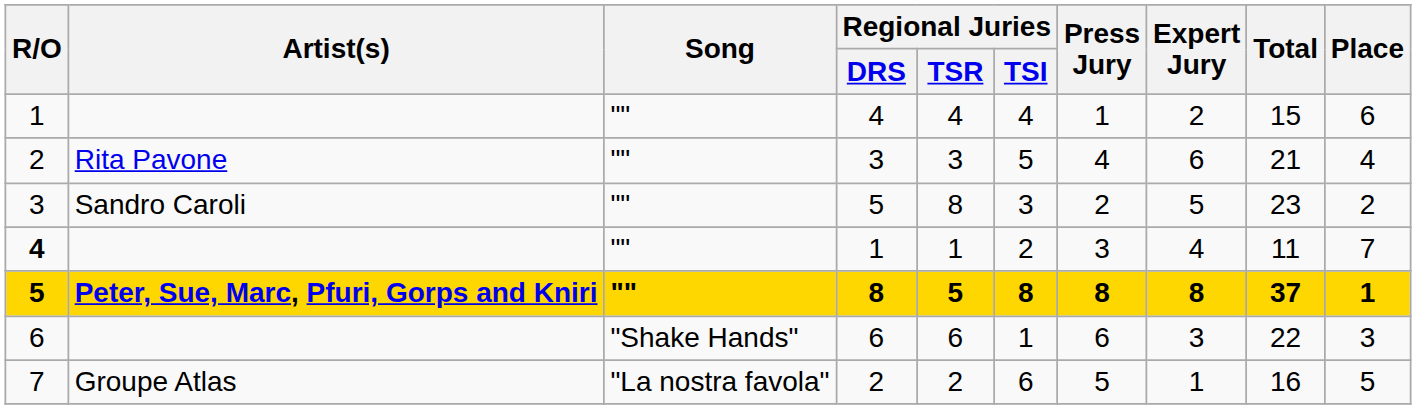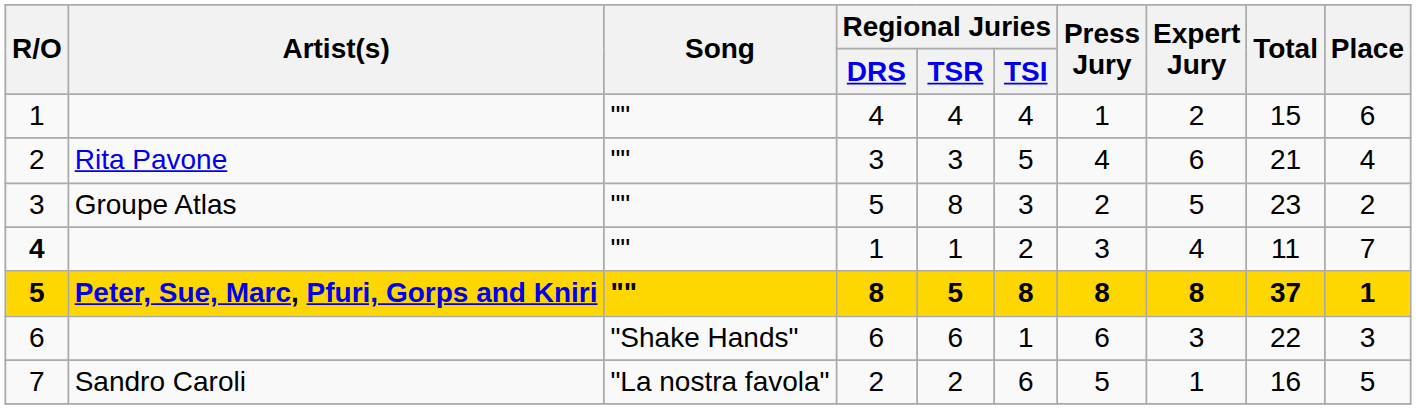 <table class="sortable wikitable" style="margin: 1em auto 1em auto; text-align:center">
 <tr>
 <th rowspan="2">R/O</th>
 <th rowspan="2">Artist(s)</th>
 <th rowspan="2">Song</th>
 <th colspan="3">Regional Juries</th>
 <th rowspan="2">Press<br>Jury</th>
 <th rowspan="2">Expert<br>Jury</th>
 <th rowspan="2">Total</th>
 <th rowspan="2">Place</th>
 </tr>
 <tr>
 <th><a href='#'>DRS</a></th>
 <th><a href='#'>TSR</a></th>
 <th><a href='#'>TSI</a></th>
 </tr>
 <tr>
 <td>1</td>
 <td align="left"></td>
 <td align="left">""</td>
 <td>4</td>
 <td>4</td>
 <td>4</td>
 <td>1</td>
 <td>2</td>
 <td>15</td>
 <td>6</td>
 </tr>
 <tr>
 <td>2</td>
 <td align="left"><a href='#'>Rita Pavone</a></td>
 <td align="left">""</td>
 <td>3</td>
 <td>3</td>
 <td>5</td>
 <td>4</td>
 <td>6</td>
 <td>21</td>
 <td>4</td>
 </tr>
 <tr>
 <td>3</td>
-<td align="left">Sandro Caroli</td>
+<td align="left">Groupe Atlas</td>
 <td align="left">""</td>
 <td>5</td>
 <td>8</td>
 <td>3</td>
 <td>2</td>
 <td>5</td>
 <td>23</td>
 <td>2</td>
 </tr>
 <tr>
 <td><strong>4</strong></td>
 <td align="left"></td>
 <td align="left">""</td>
 <td>1</td>
 <td>1</td>
 <td>2</td>
 <td>3</td>
 <td>4</td>
 <td>11</td>
 <td>7</td>
 </tr>
 <tr style="font-weight:bold; background:gold;">
 <td>5</td>
 <td align="left"><a href='#'>Peter, Sue, Marc</a>, <a href='#'>Pfuri, Gorps and Kniri</a></td>
 <td align="left">""</td>
 <td>8</td>
 <td>5</td>
 <td>8</td>
 <td>8</td>
 <td>8</td>
 <td>37</td>
 <td>1</td>
 </tr>
 <tr>
 <td>6</td>
 <td align="left"></td>
 <td align="left">"Shake Hands"</td>
 <td>6</td>
 <td>6</td>
 <td>1</td>
 <td>6</td>
 <td>3</td>
 <td>22</td>
 <td>3</td>
 </tr>
 <tr>
 <td>7</td>
-<td align="left">Groupe Atlas</td>
+<td align="left">Sandro Caroli</td>
 <td align="left">"La nostra favola"</td>
 <td>2</td>
 <td>2</td>
 <td>6</td>
 <td>5</td>
 <td>1</td>
 <td>16</td>
 <td>5</td>
 </tr>
 </table>
